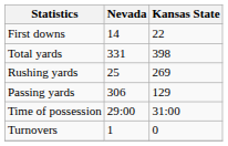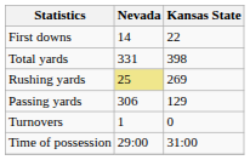 <table class="wikitable" style="float: left;">
 <tr>
 <th>Statistics</th>
 <th>Nevada</th>
 <th>Kansas State</th>
 </tr>
 <tr>
 <td>First downs</td>
 <td>14</td>
 <td>22</td>
 </tr>
 <tr>
 <td>Total yards</td>
 <td>331</td>
 <td>398</td>
 </tr>
 <tr>
 <td>Rushing yards</td>
-<td>25</td>
+<td style="background: khaki;">25</td>
 <td>269</td>
 </tr>
 <tr>
 <td>Passing yards</td>
 <td>306</td>
 <td>129</td>
 </tr>
 <tr>
+<td>Turnovers</td>
+<td>1</td>
+<td>0</td>
+</tr>
+<tr>
 <td>Time of possession</td>
 <td>29:00</td>
 <td>31:00</td>
 </tr>
 <tr>
-<td>Turnovers</td>
-<td>1</td>
-<td>0</td>
-</tr>
-<tr>
 </tr>
 </table>
